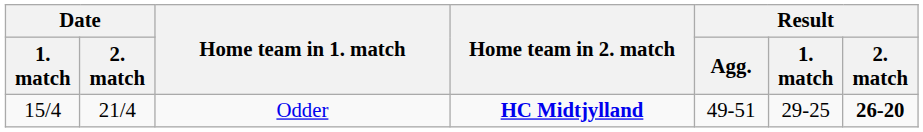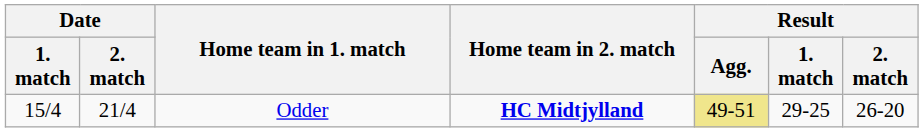 <table class="wikitable" style="text-align:center; margin-left:1em;">
 <tr>
 <th colspan="2">Date</th>
 <th rowspan="2" style="width:220px;">Home team in 1. match</th>
 <th rowspan="2" style="width:180px;">Home team in 2. match</th>
 <th colspan="3">Result</th>
 </tr>
 <tr>
 <th style="width:50px;">1. match</th>
 <th style="width:50px;">2. match</th>
 <th style="width:50px;">Agg.</th>
 <th style="width:50px;">1. match</th>
 <th style="width:50px;">2. match</th>
 </tr>
 <tr>
 <td>15/4</td>
 <td>21/4</td>
 <td><a href='#'>Odder</a></td>
 <td><strong><a href='#'>HC Midtjylland</a></strong></td>
-<td>49-51</td>
+<td style="background: khaki;">49-51</td>
 <td>29-25</td>
-<td><strong>26-20</strong></td>
+<td>26-20</td>
 </tr>
 </table>
